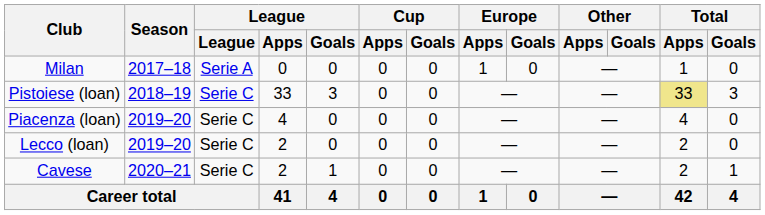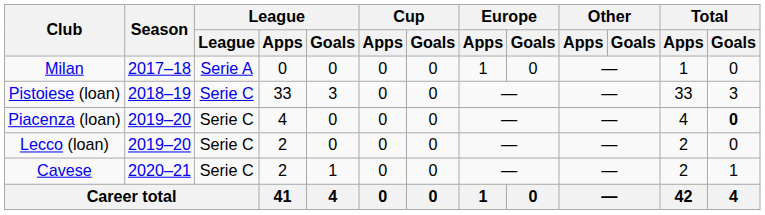 <table class="wikitable" style="text-align: center;">
 <tr>
 <th rowspan="2">Club</th>
 <th rowspan="2">Season</th>
 <th colspan="3">League</th>
 <th colspan="2">Cup</th>
 <th colspan="2">Europe</th>
 <th colspan="2">Other</th>
 <th colspan="2">Total</th>
 </tr>
 <tr>
 <th>League</th>
 <th>Apps</th>
 <th>Goals</th>
 <th>Apps</th>
 <th>Goals</th>
 <th>Apps</th>
 <th>Goals</th>
 <th>Apps</th>
 <th>Goals</th>
 <th>Apps</th>
 <th>Goals</th>
 </tr>
 <tr>
 <td><a href='#'>Milan</a></td>
 <td><a href='#'>2017–18</a></td>
 <td><a href='#'>Serie A</a></td>
 <td>0</td>
 <td>0</td>
 <td>0</td>
 <td>0</td>
 <td>1</td>
 <td>0</td>
 <td colspan="2">—</td>
 <td>1</td>
 <td>0</td>
 </tr>
 <tr>
 <td><a href='#'>Pistoiese</a> (loan)</td>
 <td><a href='#'>2018–19</a></td>
 <td><a href='#'>Serie C</a></td>
 <td>33</td>
 <td>3</td>
 <td>0</td>
 <td>0</td>
 <td colspan="2">—</td>
 <td colspan="2">—</td>
-<td style="background: khaki;">33</td>
+<td>33</td>
 <td>3</td>
 </tr>
 <tr>
 <td><a href='#'>Piacenza</a> (loan)</td>
 <td><a href='#'>2019–20</a></td>
 <td>Serie C</td>
 <td>4</td>
 <td>0</td>
 <td>0</td>
 <td>0</td>
 <td colspan="2">—</td>
 <td colspan="2">—</td>
 <td>4</td>
-<td>0</td>
+<td><strong>0</strong></td>
 </tr>
 <tr>
 <td><a href='#'>Lecco</a> (loan)</td>
 <td><a href='#'>2019–20</a></td>
 <td>Serie C</td>
 <td>2</td>
 <td>0</td>
 <td>0</td>
 <td>0</td>
 <td colspan="2">—</td>
 <td colspan="2">—</td>
 <td>2</td>
 <td>0</td>
 </tr>
 <tr>
 <td><a href='#'>Cavese</a></td>
 <td><a href='#'>2020–21</a></td>
 <td>Serie C</td>
 <td>2</td>
 <td>1</td>
 <td>0</td>
 <td>0</td>
 <td colspan="2">—</td>
 <td colspan="2">—</td>
 <td>2</td>
 <td>1</td>
 </tr>
 <tr>
 <th colspan="3">Career total</th>
 <th>41</th>
 <th>4</th>
 <th>0</th>
 <th>0</th>
 <th>1</th>
 <th>0</th>
 <th colspan="2">—</th>
 <th>42</th>
 <th>4</th>
 </tr>
 </table>
